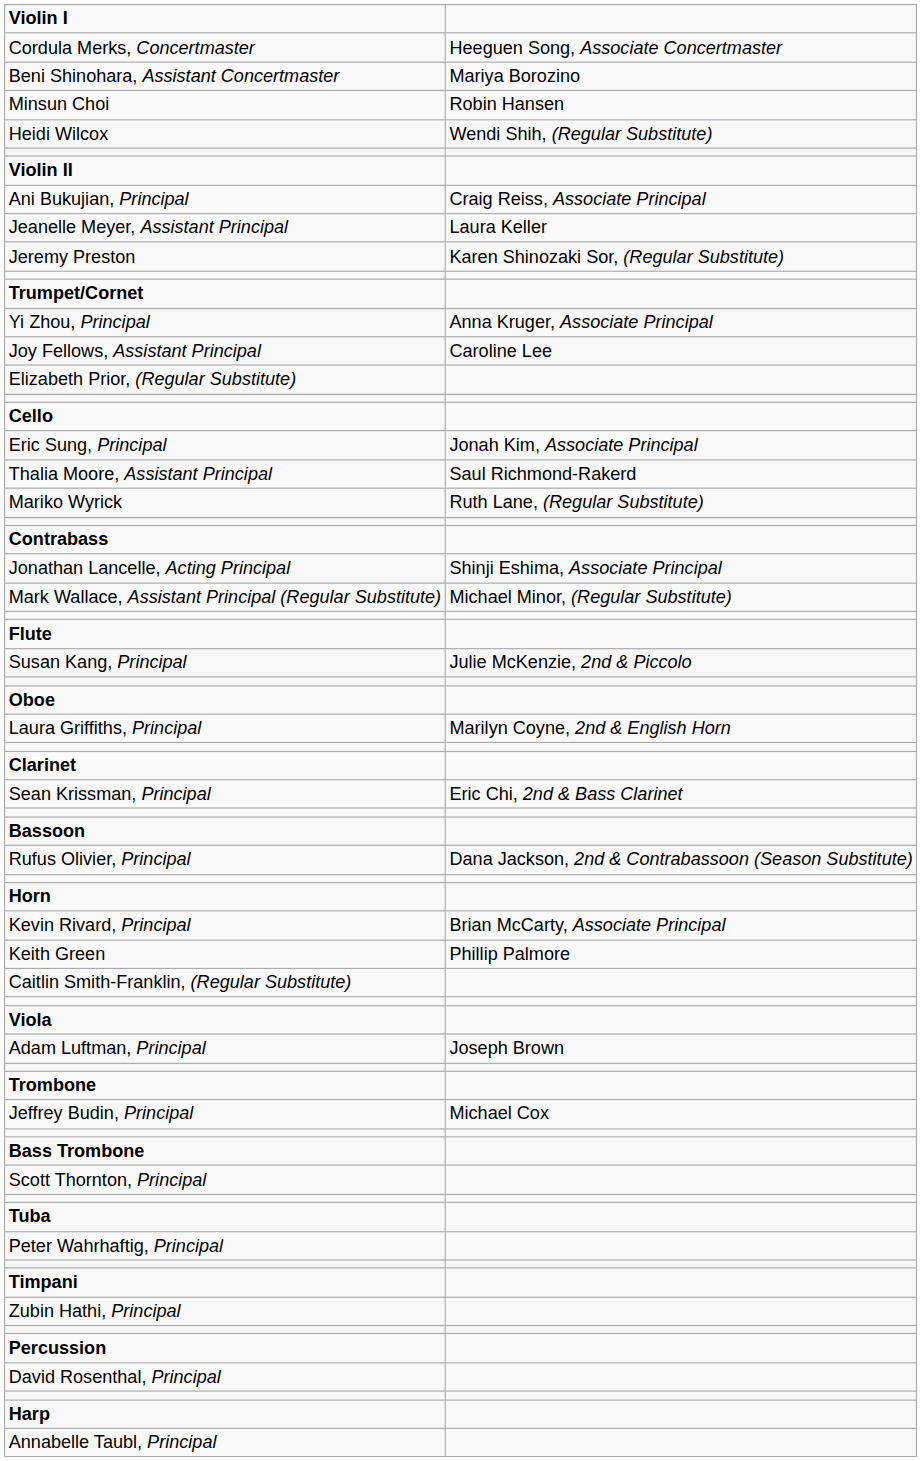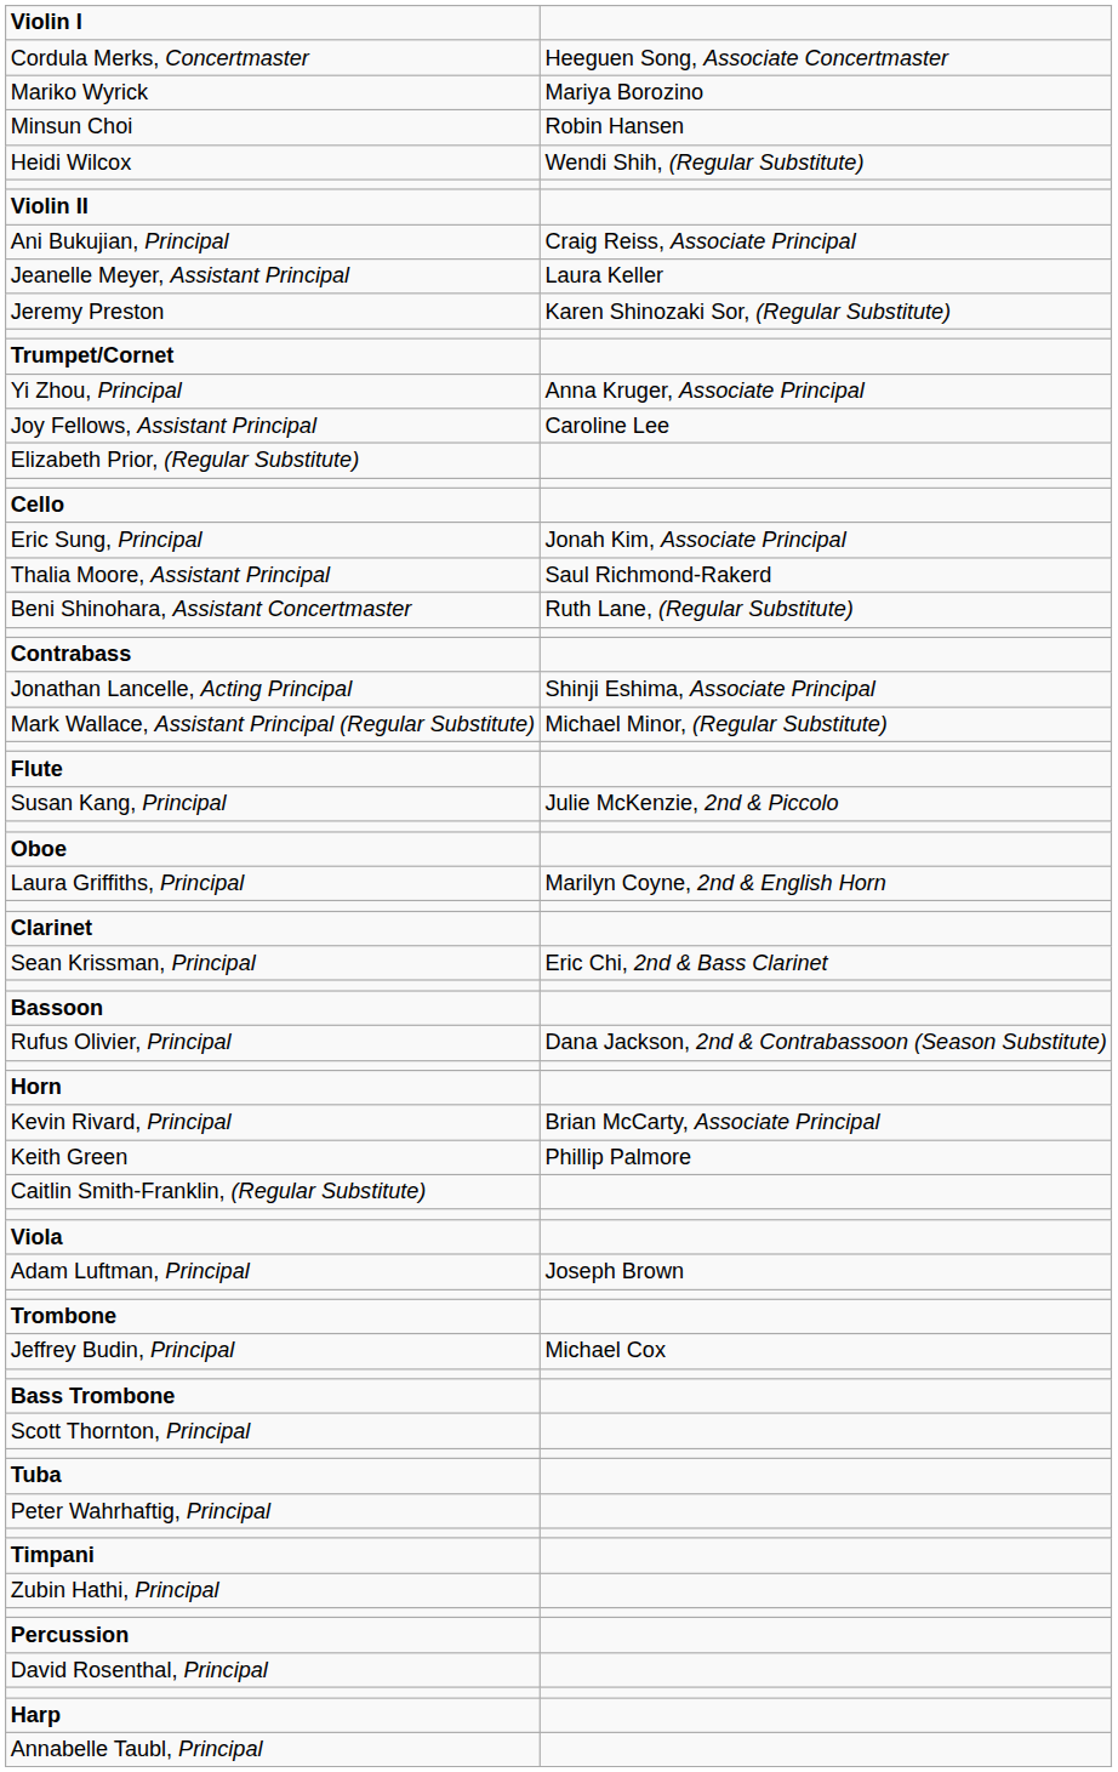 <table class="wikitable">
 <tr>
 <td><strong>Violin I</strong></td>
 <td></td>
 </tr>
 <tr>
 <td>Cordula Merks, <em>Concertmaster</em></td>
 <td>Heeguen Song, <em>Associate Concertmaster</em></td>
 </tr>
 <tr>
-<td>Beni Shinohara, <em>Assistant Concertmaster</em></td>
+<td>Mariko Wyrick</td>
 <td>Mariya Borozino</td>
 </tr>
 <tr>
 <td>Minsun Choi</td>
 <td>Robin Hansen</td>
 </tr>
 <tr>
 <td>Heidi Wilcox</td>
 <td>Wendi Shih, <em>(Regular Substitute)</em></td>
 </tr>
 <tr>
 <td></td>
 <td></td>
 </tr>
 <tr>
 <td><strong>Violin II</strong></td>
 <td></td>
 </tr>
 <tr>
 <td>Ani Bukujian, <em>Principal</em></td>
 <td>Craig Reiss, <em>Associate Principal</em></td>
 </tr>
 <tr>
 <td>Jeanelle Meyer, <em>Assistant Principal</em></td>
 <td>Laura Keller</td>
 </tr>
 <tr>
 <td>Jeremy Preston</td>
 <td>Karen Shinozaki Sor, <em>(Regular Substitute)</em></td>
 </tr>
 <tr>
 <td></td>
 <td></td>
 </tr>
 <tr>
 <td><strong>Trumpet/Cornet</strong></td>
 <td></td>
 </tr>
 <tr>
 <td>Yi Zhou, <em>Principal</em></td>
 <td>Anna Kruger, <em>Associate Principal</em></td>
 </tr>
 <tr>
 <td>Joy Fellows, <em>Assistant Principal</em></td>
 <td>Caroline Lee</td>
 </tr>
 <tr>
 <td>Elizabeth Prior, <em>(Regular Substitute)</em></td>
 </tr>
 <tr>
 <td></td>
 <td></td>
 </tr>
 <tr>
 <td><strong>Cello</strong></td>
 <td></td>
 </tr>
 <tr>
 <td>Eric Sung, <em>Principal</em></td>
 <td>Jonah Kim, <em>Associate Principal</em></td>
 </tr>
 <tr>
 <td>Thalia Moore, <em>Assistant Principal</em></td>
 <td>Saul Richmond-Rakerd</td>
 </tr>
 <tr>
-<td>Mariko Wyrick</td>
+<td>Beni Shinohara, <em>Assistant Concertmaster</em></td>
 <td>Ruth Lane, <em>(Regular Substitute)</em></td>
 </tr>
 <tr>
 <td></td>
 <td></td>
 </tr>
 <tr>
 <td><strong>Contrabass</strong></td>
 <td></td>
 </tr>
 <tr>
 <td>Jonathan Lancelle, <em>Acting Principal</em></td>
 <td>Shinji Eshima, <em>Associate Principal</em></td>
 </tr>
 <tr>
 <td>Mark Wallace, <em>Assistant Principal (Regular Substitute)</em></td>
 <td>Michael Minor, <em>(Regular Substitute)</em></td>
 </tr>
 <tr>
 <td></td>
 <td></td>
 </tr>
 <tr>
 <td><strong>Flute</strong></td>
 <td></td>
 </tr>
 <tr>
 <td>Susan Kang, <em>Principal</em></td>
 <td>Julie McKenzie, <em>2nd & Piccolo</em></td>
 </tr>
 <tr>
 <td></td>
 <td></td>
 </tr>
 <tr>
 <td><strong>Oboe</strong></td>
 <td></td>
 </tr>
 <tr>
 <td>Laura Griffiths, <em>Principal</em></td>
 <td>Marilyn Coyne, <em>2nd & English Horn</em></td>
 </tr>
 <tr>
 <td></td>
 <td></td>
 </tr>
 <tr>
 <td><strong>Clarinet</strong></td>
 <td></td>
 </tr>
 <tr>
 <td>Sean Krissman, <em>Principal</em></td>
 <td>Eric Chi, <em>2nd & Bass Clarinet</em></td>
 </tr>
 <tr>
 <td></td>
 <td></td>
 </tr>
 <tr>
 <td><strong>Bassoon</strong></td>
 <td></td>
 </tr>
 <tr>
 <td>Rufus Olivier, <em>Principal</em></td>
 <td>Dana Jackson, <em>2nd & Contrabassoon (Season Substitute)</em></td>
 </tr>
 <tr>
 <td></td>
 <td></td>
 </tr>
 <tr>
 <td><strong>Horn</strong></td>
 <td></td>
 </tr>
 <tr>
 <td>Kevin Rivard, <em>Principal</em></td>
 <td>Brian McCarty, <em>Associate Principal</em></td>
 </tr>
 <tr>
 <td>Keith Green</td>
 <td>Phillip Palmore</td>
 </tr>
 <tr>
 <td>Caitlin Smith-Franklin, <em>(Regular Substitute)</em></td>
 <td></td>
 </tr>
 <tr>
 <td></td>
 <td></td>
 </tr>
 <tr>
 <td><strong>Viola</strong></td>
 <td></td>
 </tr>
 <tr>
 <td>Adam Luftman, <em>Principal</em></td>
 <td>Joseph Brown</td>
 </tr>
 <tr>
 <td></td>
 <td></td>
 </tr>
 <tr>
 <td><strong>Trombone</strong></td>
 <td></td>
 </tr>
 <tr>
 <td>Jeffrey Budin, <em>Principal</em></td>
 <td>Michael Cox</td>
 </tr>
 <tr>
 <td></td>
 <td></td>
 </tr>
 <tr>
 <td><strong>Bass Trombone</strong></td>
 <td></td>
 </tr>
 <tr>
 <td>Scott Thornton, <em>Principal</em></td>
 <td></td>
 </tr>
 <tr>
 <td></td>
 <td></td>
 </tr>
 <tr>
 <td><strong>Tuba</strong></td>
 <td></td>
 </tr>
 <tr>
 <td>Peter Wahrhaftig, <em>Principal</em></td>
 <td></td>
 </tr>
 <tr>
 <td></td>
 <td></td>
 </tr>
 <tr>
 <td><strong>Timpani</strong></td>
 <td></td>
 </tr>
 <tr>
 <td>Zubin Hathi, <em>Principal</em></td>
 <td></td>
 </tr>
 <tr>
 <td></td>
 <td></td>
 </tr>
 <tr>
 <td><strong>Percussion</strong></td>
 <td></td>
 </tr>
 <tr>
 <td>David Rosenthal, <em>Principal</em></td>
 <td></td>
 </tr>
 <tr>
 <td></td>
 <td></td>
 </tr>
 <tr>
 <td><strong>Harp</strong></td>
 <td></td>
 </tr>
 <tr>
 <td>Annabelle Taubl, <em>Principal</em></td>
 <td></td>
 </tr>
 <tr>
 </tr>
 </table>
